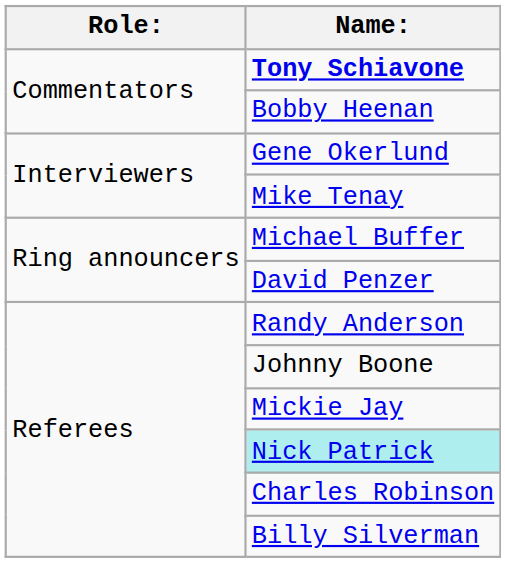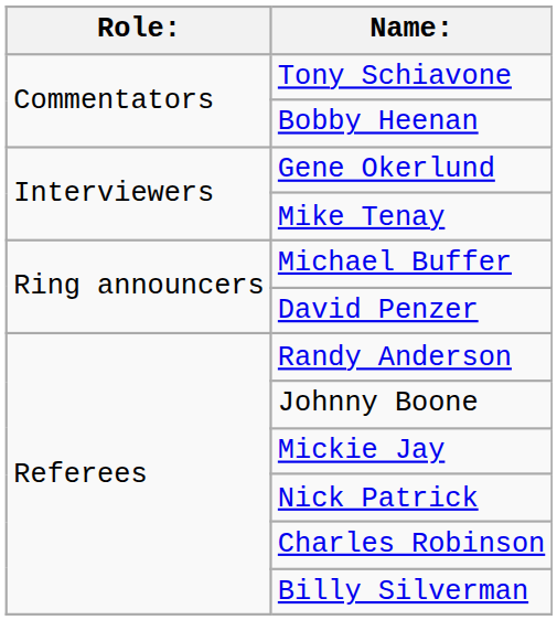 <table class=wikitable style="font-size:90%; margin: 0.5em 0 0.5em 1em; float: right; clear: right;">
 <tr>
 <th>Role:</th>
 <th>Name:</th>
 </tr>
 <tr>
 <td rowspan=2>Commentators</td>
-<td><strong><a href='#'>Tony Schiavone</a></strong></td>
+<td><a href='#'>Tony Schiavone</a></td>
 </tr>
 <tr>
 <td><a href='#'>Bobby Heenan</a></td>
 </tr>
 <tr>
 <td rowspan=2>Interviewers</td>
 <td><a href='#'>Gene Okerlund</a></td>
 </tr>
 <tr>
 <td><a href='#'>Mike Tenay</a></td>
 </tr>
 <tr>
 <td rowspan=2>Ring announcers</td>
 <td><a href='#'>Michael Buffer</a></td>
 </tr>
 <tr>
 <td><a href='#'>David Penzer</a></td>
 </tr>
 <tr>
 <td rowspan=6>Referees</td>
 <td><a href='#'>Randy Anderson</a></td>
 </tr>
 <tr>
 <td>Johnny Boone</td>
 </tr>
 <tr>
 <td><a href='#'>Mickie Jay</a></td>
 </tr>
 <tr>
-<td style="background: paleturquoise;"><a href='#'>Nick Patrick</a></td>
+<td><a href='#'>Nick Patrick</a></td>
 </tr>
 <tr>
 <td><a href='#'>Charles Robinson</a></td>
 </tr>
 <tr>
 <td><a href='#'>Billy Silverman</a></td>
 </tr>
 </table>
